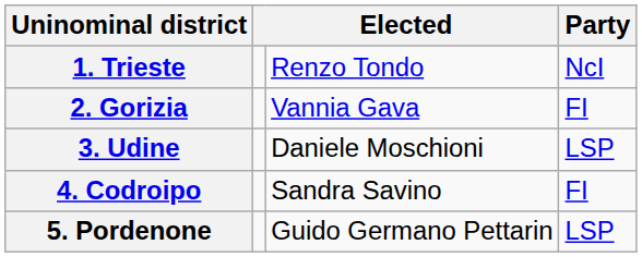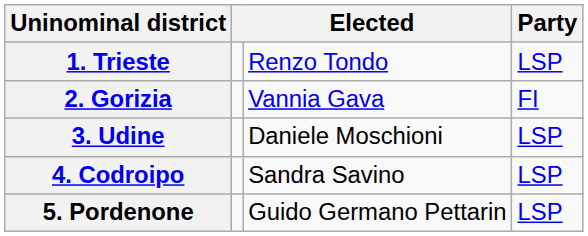 <table class="wikitable">
 <tr>
 <th>Uninominal district</th>
 <th colspan="2">Elected</th>
 <th>Party</th>
 </tr>
 <tr>
 <th align="center"><strong><a href='#'>1. Trieste</a></strong></th>
 <td></td>
 <td><a href='#'>Renzo Tondo</a></td>
-<td><a href='#'>NcI</a></td>
+<td><a href='#'>LSP</a></td>
 </tr>
 <tr>
 <th align="center"><strong><a href='#'>2. Gorizia</a></strong></th>
 <td></td>
 <td><a href='#'>Vannia Gava</a></td>
 <td><a href='#'>FI</a></td>
 </tr>
 <tr>
 <th align="center"><strong><a href='#'>3. Udine</a></strong></th>
 <td></td>
 <td>Daniele Moschioni</td>
 <td><a href='#'>LSP</a></td>
 </tr>
 <tr>
 <th align="center"><strong><a href='#'>4. Codroipo</a></strong></th>
 <td></td>
 <td>Sandra Savino</td>
-<td><a href='#'>FI</a></td>
+<td><a href='#'>LSP</a></td>
 </tr>
 <tr>
 <th align="center"><strong>5. Pordenone</strong></th>
 <td></td>
 <td>Guido Germano Pettarin</td>
 <td><a href='#'>LSP</a></td>
 </tr>
 </table>
